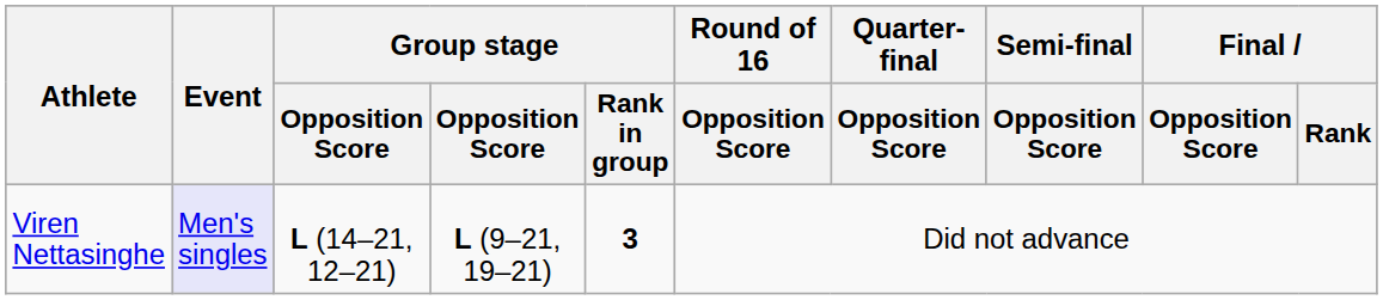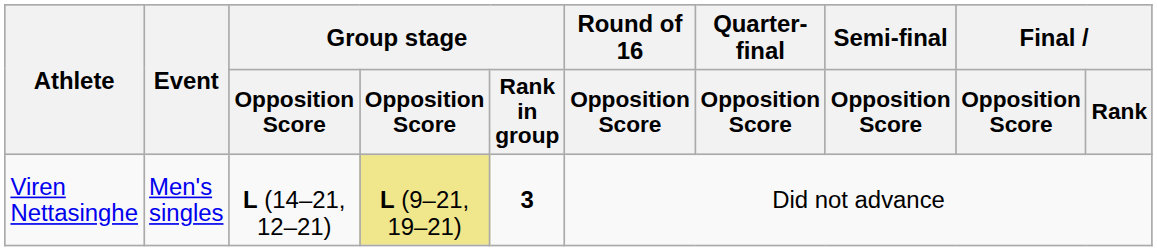 <table class="wikitable" style="font-size:90%">
 <tr>
 <th rowspan="2">Athlete</th>
 <th rowspan="2">Event</th>
 <th colspan="3">Group stage</th>
 <th>Round of 16</th>
 <th>Quarter-final</th>
 <th>Semi-final</th>
 <th colspan="2">Final / </th>
 </tr>
 <tr style="font-size:95%">
 <th>Opposition<br>Score</th>
 <th>Opposition<br>Score</th>
 <th>Rank in group</th>
 <th>Opposition<br>Score</th>
 <th>Opposition<br>Score</th>
 <th>Opposition<br>Score</th>
 <th>Opposition<br>Score</th>
 <th>Rank</th>
 </tr>
 <tr align="center">
 <td align="left"><a href='#'>Viren Nettasinghe</a></td>
-<td align="left" style="background: lavender;"><a href='#'>Men's singles</a></td>
+<td align="left"><a href='#'>Men's singles</a></td>
 <td><br><strong>L</strong> (14–21, 12–21)</td>
-<td><br><strong>L</strong> (9–21, 19–21)</td>
+<td style="background: khaki;"><br><strong>L</strong> (9–21, 19–21)</td>
 <td><strong>3</strong></td>
 <td colspan=5>Did not advance</td>
 </tr>
 </table>
